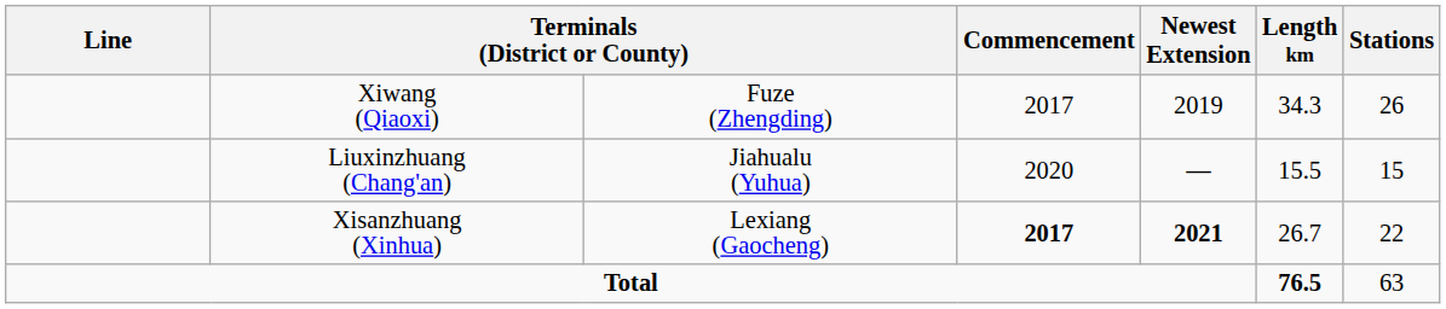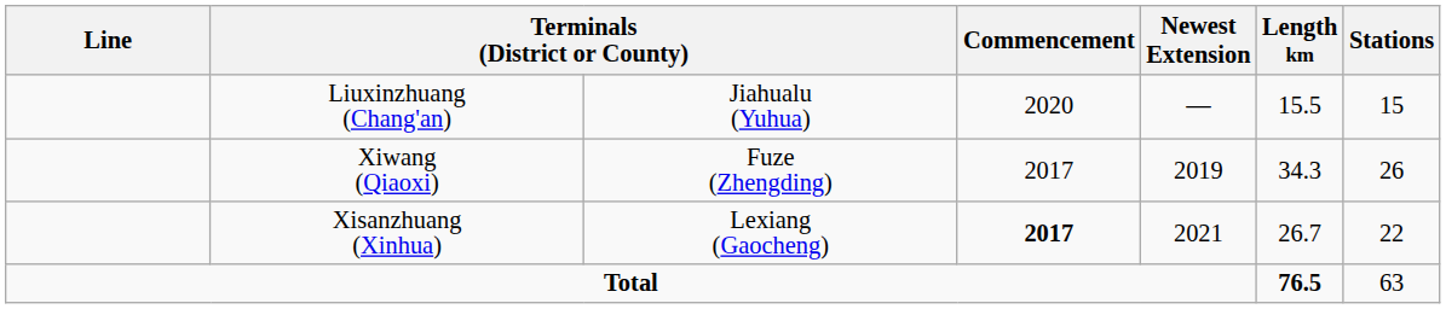 <table class="wikitable sortable mw-collapsible" style="cell-padding:1.5; font-size:96%; text-align:center;">
 <tr>
 <th data-sort-type="text"style="width:120px;">Line</th>
 <th class="unsortable" colspan="2" style="width:450px; line-height:1.05">Terminals<br>(District or County)</th>
 <th>Commencement</th>
 <th>Newest<br>Extension</th>
 <th style="line-height:1.05">Length<br><small>km</small></th>
 <th style="line-height:1.05">Stations</th>
+</tr>
+<tr>
+<td style="text-align:center; line-height:1.05"></td>
+<td style="text-align:center; width:225px; line-height:1.05">Liuxinzhuang<br>(<a href='#'>Chang'an</a>)</td>
+<td style="text-align:center; width:225px; line-height:1.05">Jiahualu<br>(<a href='#'>Yuhua</a>)</td>
+<td style="text-align:center; line-height:1.05">2020</td>
+<td style="text-align:center; line-height:1.05">—</td>
+<td style="text-align:center; line-height:1.05">15.5</td>
+<td style="text-align:center; line-height:1.05">15</td>
 </tr>
 <tr>
 <td style="text-align:center; line-height:1.05"></td>
 <td style="text-align:center; width:225px; line-height:1.05">Xiwang<br>(<a href='#'>Qiaoxi</a>)</td>
 <td style="text-align:center; width:225px; line-height:1.05">Fuze<br>(<a href='#'>Zhengding</a>)</td>
 <td style="text-align:center; line-height:1.05">2017</td>
 <td style="text-align:center; line-height:1.05">2019</td>
 <td style="text-align:center; line-height:1.05">34.3</td>
 <td style="text-align:center; line-height:1.05">26</td>
 </tr>
 <tr>
 <td style="text-align:center; line-height:1.05"></td>
-<td style="text-align:center; width:225px; line-height:1.05">Liuxinzhuang<br>(<a href='#'>Chang'an</a>)</td>
-<td style="text-align:center; width:225px; line-height:1.05">Jiahualu<br>(<a href='#'>Yuhua</a>)</td>
-<td style="text-align:center; line-height:1.05">2020</td>
-<td style="text-align:center; line-height:1.05">—</td>
-<td style="text-align:center; line-height:1.05">15.5</td>
-<td style="text-align:center; line-height:1.05">15</td>
-</tr>
-<tr>
-<td style="text-align:center; line-height:1.05"></td>
 <td style="text-align:center; width:225px; line-height:1.05">Xisanzhuang<br>(<a href='#'>Xinhua</a>)</td>
 <td style="text-align:center; width:225px; line-height:1.05">Lexiang<br>(<a href='#'>Gaocheng</a>)</td>
 <td style="text-align:center; line-height:1.05"><strong>2017</strong></td>
-<td style="text-align:center; line-height:1.05"><strong>2021</strong></td>
+<td style="text-align:center; line-height:1.05">2021</td>
 <td style="text-align:center; line-height:1.05">26.7</td>
 <td style="text-align:center; line-height:1.05">22</td>
 </tr>
 <tr class="sortbottom">
 <td style="text-align:center; line-height:1.05" colspan="5"><strong>Total</strong></td>
 <td style="text-align:center; line-height:1.05"><strong>76.5</strong></td>
 <td style="text-align:center; line-height:1.05">63</td>
 </tr>
 </table>
